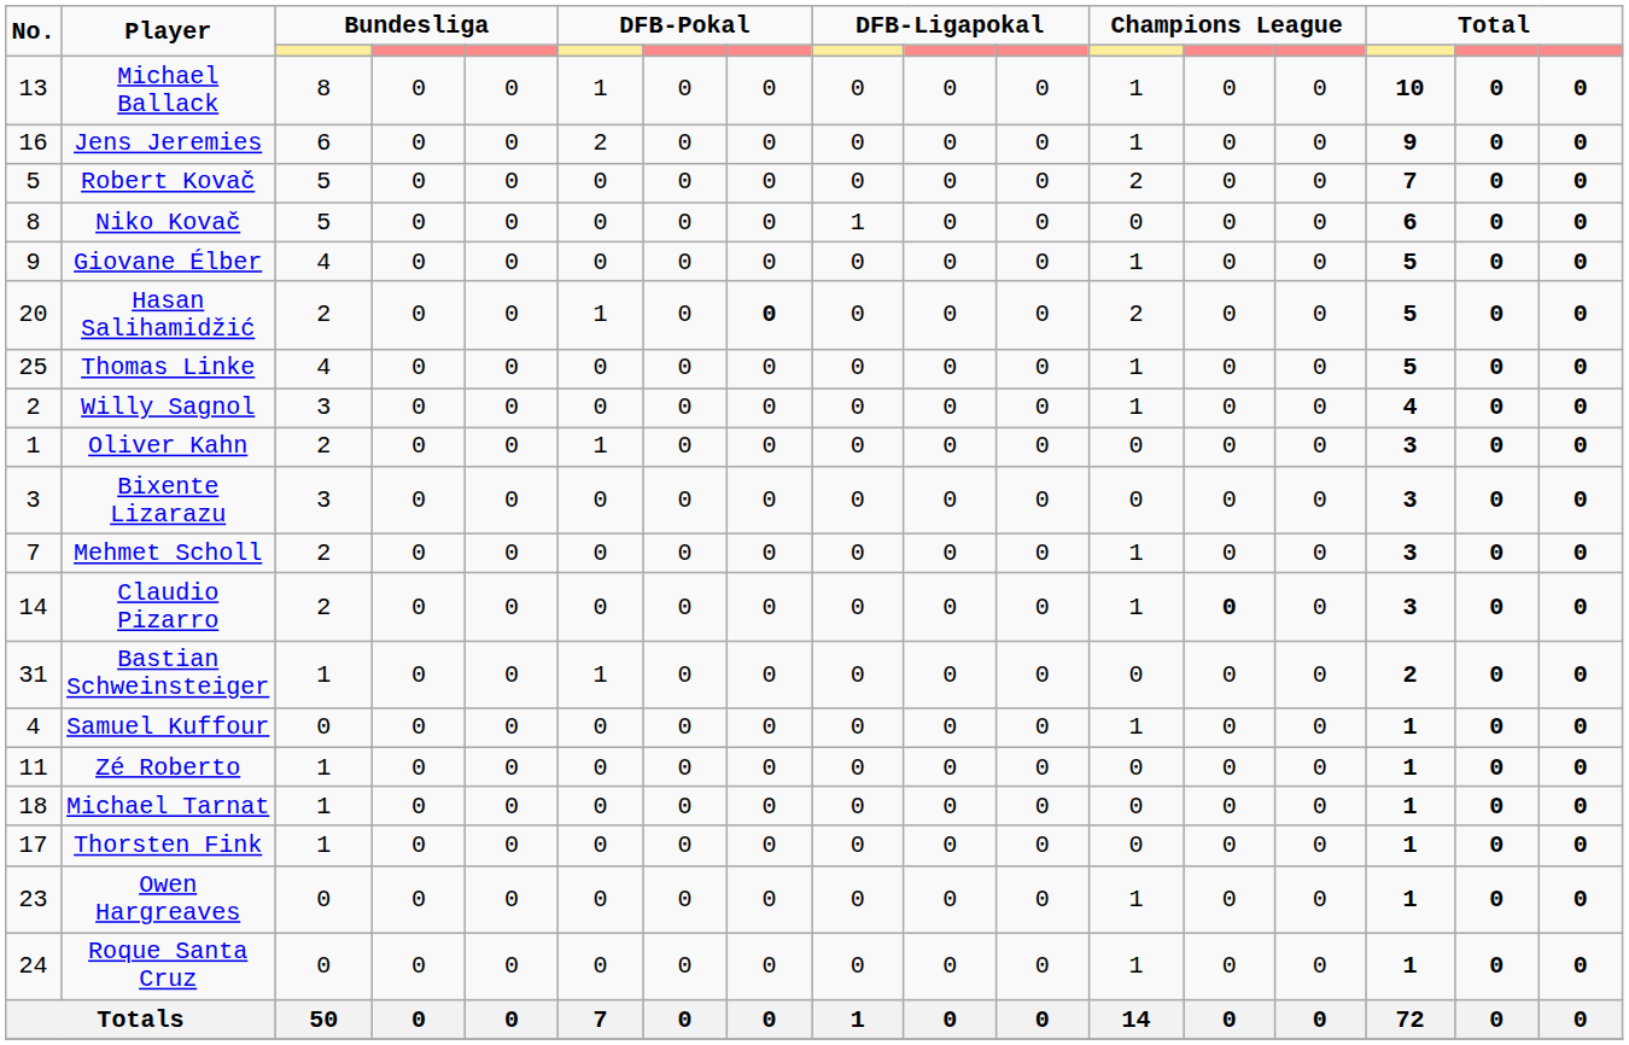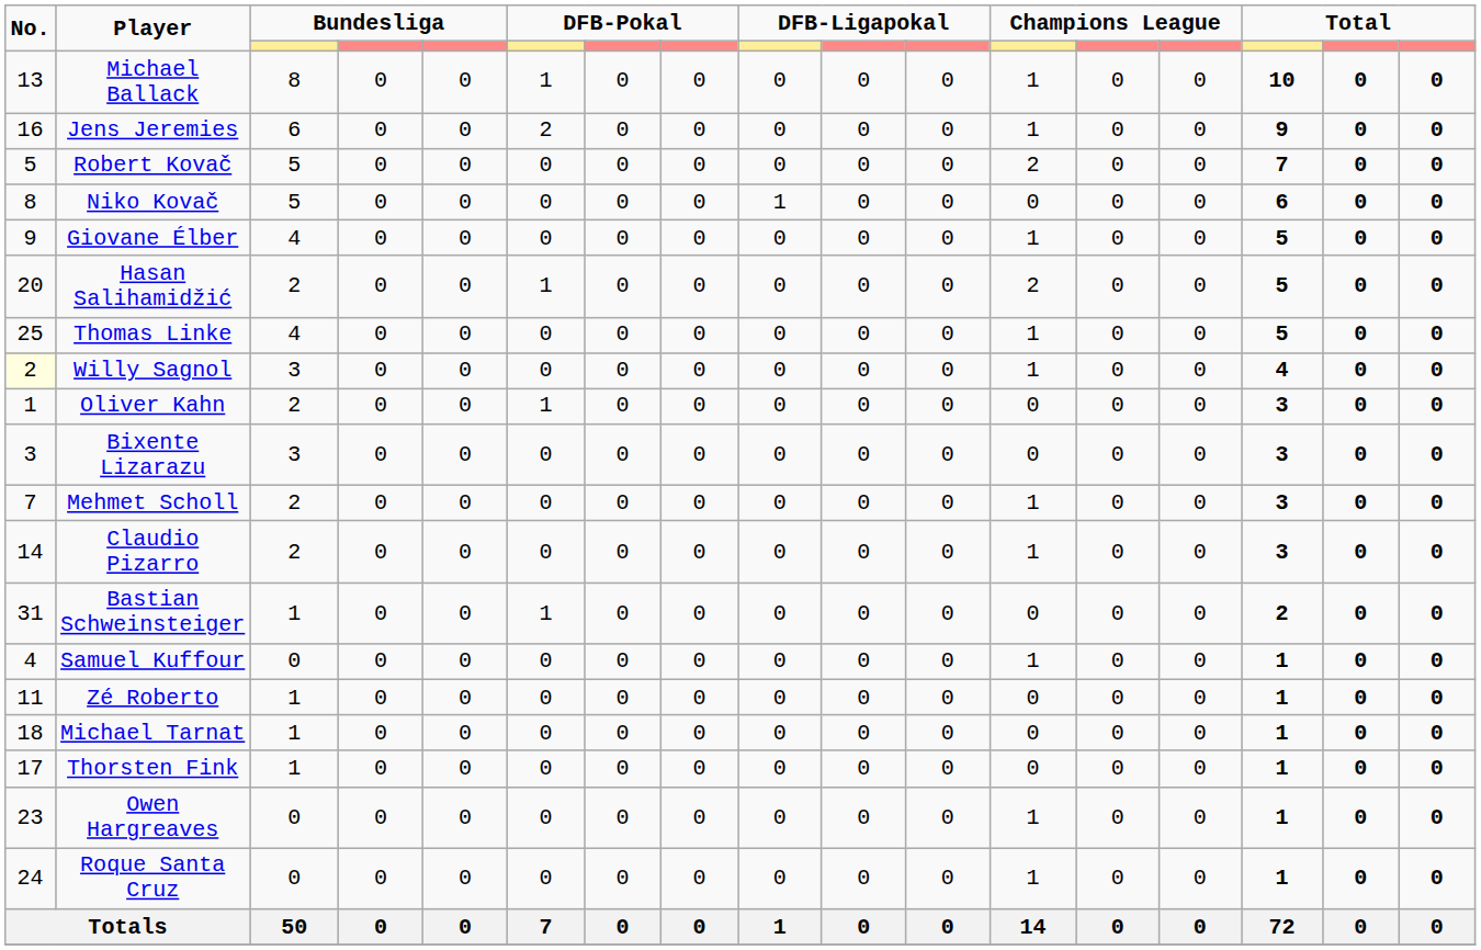 <table class="wikitable" style="text-align:center;">
 <tr style="text-align:center;">
 <td rowspan="2"><strong>No.</strong></td>
 <td rowspan="2"><strong>Player</strong></td>
 <td colspan="3"><strong>Bundesliga</strong></td>
 <td colspan="3"><strong>DFB-Pokal</strong></td>
 <td colspan="3"><strong>DFB-Ligapokal</strong></td>
 <td colspan="3"><strong>Champions League</strong></td>
 <td colspan="3"><strong>Total</strong></td>
 </tr>
 <tr>
 <th style="width:60px; background:#fe9;"></th>
 <th style="width:60px; background:#ff8888;"></th>
 <th style="width:60px; background:#ff8888;"></th>
 <th style="width:60px; background:#fe9;"></th>
 <th style="width:60px; background:#ff8888;"></th>
 <th style="width:60px; background:#ff8888;"></th>
 <th style="width:60px; background:#fe9;"></th>
 <th style="width:60px; background:#ff8888;"></th>
 <th style="width:60px; background:#ff8888;"></th>
 <th style="width:60px; background:#fe9;"></th>
 <th style="width:60px; background:#ff8888;"></th>
 <th style="width:60px; background:#ff8888;"></th>
 <th style="width:60px; background:#fe9;"></th>
 <th style="width:60px; background:#ff8888;"></th>
 <th style="width:60px; background:#ff8888;"></th>
 </tr>
 <tr>
 <td>13</td>
 <td><a href='#'>Michael Ballack</a></td>
 <td>8</td>
 <td>0</td>
 <td>0</td>
 <td>1</td>
 <td>0</td>
 <td>0</td>
 <td>0</td>
 <td>0</td>
 <td>0</td>
 <td>1</td>
 <td>0</td>
 <td>0</td>
 <td><strong>10</strong></td>
 <td><strong>0</strong></td>
 <td><strong>0</strong></td>
 </tr>
 <tr>
 <td>16</td>
 <td><a href='#'>Jens Jeremies</a></td>
 <td>6</td>
 <td>0</td>
 <td>0</td>
 <td>2</td>
 <td>0</td>
 <td>0</td>
 <td>0</td>
 <td>0</td>
 <td>0</td>
 <td>1</td>
 <td>0</td>
 <td>0</td>
 <td><strong>9</strong></td>
 <td><strong>0</strong></td>
 <td><strong>0</strong></td>
 </tr>
 <tr>
 <td>5</td>
 <td><a href='#'>Robert Kovač</a></td>
 <td>5</td>
 <td>0</td>
 <td>0</td>
 <td>0</td>
 <td>0</td>
 <td>0</td>
 <td>0</td>
 <td>0</td>
 <td>0</td>
 <td>2</td>
 <td>0</td>
 <td>0</td>
 <td><strong>7</strong></td>
 <td><strong>0</strong></td>
 <td><strong>0</strong></td>
 </tr>
 <tr>
 <td>8</td>
 <td><a href='#'>Niko Kovač</a></td>
 <td>5</td>
 <td>0</td>
 <td>0</td>
 <td>0</td>
 <td>0</td>
 <td>0</td>
 <td>1</td>
 <td>0</td>
 <td>0</td>
 <td>0</td>
 <td>0</td>
 <td>0</td>
 <td><strong>6</strong></td>
 <td><strong>0</strong></td>
 <td><strong>0</strong></td>
 </tr>
 <tr>
 <td>9</td>
 <td><a href='#'>Giovane Élber</a></td>
 <td>4</td>
 <td>0</td>
 <td>0</td>
 <td>0</td>
 <td>0</td>
 <td>0</td>
 <td>0</td>
 <td>0</td>
 <td>0</td>
 <td>1</td>
 <td>0</td>
 <td>0</td>
 <td><strong>5</strong></td>
 <td><strong>0</strong></td>
 <td><strong>0</strong></td>
 </tr>
 <tr>
 <td>20</td>
 <td><a href='#'>Hasan Salihamidžić</a></td>
 <td>2</td>
 <td>0</td>
 <td>0</td>
 <td>1</td>
 <td>0</td>
-<td><strong>0</strong></td>
+<td>0</td>
 <td>0</td>
 <td>0</td>
 <td>0</td>
 <td>2</td>
 <td>0</td>
 <td>0</td>
 <td><strong>5</strong></td>
 <td><strong>0</strong></td>
 <td><strong>0</strong></td>
 </tr>
 <tr>
 <td>25</td>
 <td><a href='#'>Thomas Linke</a></td>
 <td>4</td>
 <td>0</td>
 <td>0</td>
 <td>0</td>
 <td>0</td>
 <td>0</td>
 <td>0</td>
 <td>0</td>
 <td>0</td>
 <td>1</td>
 <td>0</td>
 <td>0</td>
 <td><strong>5</strong></td>
 <td><strong>0</strong></td>
 <td><strong>0</strong></td>
 </tr>
 <tr>
-<td>2</td>
+<td style="background: lightyellow;">2</td>
 <td><a href='#'>Willy Sagnol</a></td>
 <td>3</td>
 <td>0</td>
 <td>0</td>
 <td>0</td>
 <td>0</td>
 <td>0</td>
 <td>0</td>
 <td>0</td>
 <td>0</td>
 <td>1</td>
 <td>0</td>
 <td>0</td>
 <td><strong>4</strong></td>
 <td><strong>0</strong></td>
 <td><strong>0</strong></td>
 </tr>
 <tr>
 <td>1</td>
 <td><a href='#'>Oliver Kahn</a></td>
 <td>2</td>
 <td>0</td>
 <td>0</td>
 <td>1</td>
 <td>0</td>
 <td>0</td>
 <td>0</td>
 <td>0</td>
 <td>0</td>
 <td>0</td>
 <td>0</td>
 <td>0</td>
 <td><strong>3</strong></td>
 <td><strong>0</strong></td>
 <td><strong>0</strong></td>
 </tr>
 <tr>
 <td>3</td>
 <td><a href='#'>Bixente Lizarazu</a></td>
 <td>3</td>
 <td>0</td>
 <td>0</td>
 <td>0</td>
 <td>0</td>
 <td>0</td>
 <td>0</td>
 <td>0</td>
 <td>0</td>
 <td>0</td>
 <td>0</td>
 <td>0</td>
 <td><strong>3</strong></td>
 <td><strong>0</strong></td>
 <td><strong>0</strong></td>
 </tr>
 <tr>
 <td>7</td>
 <td><a href='#'>Mehmet Scholl</a></td>
 <td>2</td>
 <td>0</td>
 <td>0</td>
 <td>0</td>
 <td>0</td>
 <td>0</td>
 <td>0</td>
 <td>0</td>
 <td>0</td>
 <td>1</td>
 <td>0</td>
 <td>0</td>
 <td><strong>3</strong></td>
 <td><strong>0</strong></td>
 <td><strong>0</strong></td>
 </tr>
 <tr>
 <td>14</td>
 <td><a href='#'>Claudio Pizarro</a></td>
 <td>2</td>
 <td>0</td>
 <td>0</td>
 <td>0</td>
 <td>0</td>
 <td>0</td>
 <td>0</td>
 <td>0</td>
 <td>0</td>
 <td>1</td>
-<td><strong>0</strong></td>
+<td>0</td>
 <td>0</td>
 <td><strong>3</strong></td>
 <td><strong>0</strong></td>
 <td><strong>0</strong></td>
 </tr>
 <tr>
 <td>31</td>
 <td><a href='#'>Bastian Schweinsteiger</a></td>
 <td>1</td>
 <td>0</td>
 <td>0</td>
 <td>1</td>
 <td>0</td>
 <td>0</td>
 <td>0</td>
 <td>0</td>
 <td>0</td>
 <td>0</td>
 <td>0</td>
 <td>0</td>
 <td><strong>2</strong></td>
 <td><strong>0</strong></td>
 <td><strong>0</strong></td>
 </tr>
 <tr>
 <td>4</td>
 <td><a href='#'>Samuel Kuffour</a></td>
 <td>0</td>
 <td>0</td>
 <td>0</td>
 <td>0</td>
 <td>0</td>
 <td>0</td>
 <td>0</td>
 <td>0</td>
 <td>0</td>
 <td>1</td>
 <td>0</td>
 <td>0</td>
 <td><strong>1</strong></td>
 <td><strong>0</strong></td>
 <td><strong>0</strong></td>
 </tr>
 <tr>
 <td>11</td>
 <td><a href='#'>Zé Roberto</a></td>
 <td>1</td>
 <td>0</td>
 <td>0</td>
 <td>0</td>
 <td>0</td>
 <td>0</td>
 <td>0</td>
 <td>0</td>
 <td>0</td>
 <td>0</td>
 <td>0</td>
 <td>0</td>
 <td><strong>1</strong></td>
 <td><strong>0</strong></td>
 <td><strong>0</strong></td>
 </tr>
 <tr>
 <td>18</td>
 <td><a href='#'>Michael Tarnat</a></td>
 <td>1</td>
 <td>0</td>
 <td>0</td>
 <td>0</td>
 <td>0</td>
 <td>0</td>
 <td>0</td>
 <td>0</td>
 <td>0</td>
 <td>0</td>
 <td>0</td>
 <td>0</td>
 <td><strong>1</strong></td>
 <td><strong>0</strong></td>
 <td><strong>0</strong></td>
 </tr>
 <tr>
 <td>17</td>
 <td><a href='#'>Thorsten Fink</a></td>
 <td>1</td>
 <td>0</td>
 <td>0</td>
 <td>0</td>
 <td>0</td>
 <td>0</td>
 <td>0</td>
 <td>0</td>
 <td>0</td>
 <td>0</td>
 <td>0</td>
 <td>0</td>
 <td><strong>1</strong></td>
 <td><strong>0</strong></td>
 <td><strong>0</strong></td>
 </tr>
 <tr>
 <td>23</td>
 <td><a href='#'>Owen Hargreaves</a></td>
 <td>0</td>
 <td>0</td>
 <td>0</td>
 <td>0</td>
 <td>0</td>
 <td>0</td>
 <td>0</td>
 <td>0</td>
 <td>0</td>
 <td>1</td>
 <td>0</td>
 <td>0</td>
 <td><strong>1</strong></td>
 <td><strong>0</strong></td>
 <td><strong>0</strong></td>
 </tr>
 <tr>
 <td>24</td>
 <td><a href='#'>Roque Santa Cruz</a></td>
 <td>0</td>
 <td>0</td>
 <td>0</td>
 <td>0</td>
 <td>0</td>
 <td>0</td>
 <td>0</td>
 <td>0</td>
 <td>0</td>
 <td>1</td>
 <td>0</td>
 <td>0</td>
 <td><strong>1</strong></td>
 <td><strong>0</strong></td>
 <td><strong>0</strong></td>
 </tr>
 <tr>
 <th colspan="2">Totals</th>
 <th>50</th>
 <th>0</th>
 <th>0</th>
 <th>7</th>
 <th>0</th>
 <th>0</th>
 <th>1</th>
 <th>0</th>
 <th>0</th>
 <th>14</th>
 <th>0</th>
 <th>0</th>
 <th>72</th>
 <th>0</th>
 <th>0</th>
 </tr>
 <tr>
 </tr>
 </table>
